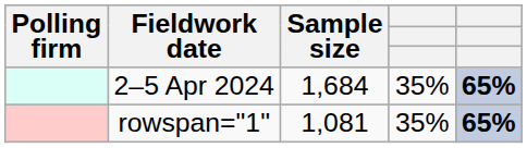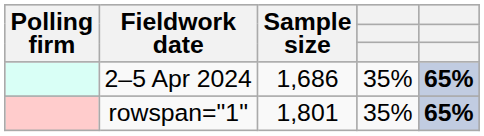 <table class="wikitable sortable" style="text-align:center;font-size:95%;line-height:14px;">
 <tr>
 <th rowspan="3">Polling<br>firm</th>
 <th rowspan="3">Fieldwork<br>date</th>
 <th rowspan="3">Sample<br>size</th>
 <th></th>
 <th></th>
 </tr>
 <tr>
 <th style="background:"></th>
 <th style="background:"></th>
 </tr>
 <tr>
 <th></th>
 <th></th>
 </tr>
 <tr>
 <td style="background:#d9fff6;"></td>
 <td>2–5 Apr 2024</td>
-<td>1,684</td>
+<td>1,686</td>
 <td>35%</td>
 <td style="background:#C1CCE1;"><strong>65%</strong></td>
 </tr>
 <tr>
 <td rowspan="1" style="background:#FFCCCC;"></td>
 <td>rowspan="1" </td>
-<td rowspan="1">1,081</td>
+<td rowspan="1">1,801</td>
 <td>35%</td>
 <td style="background:#C1CCE1;"><strong>65%</strong></td>
 </tr>
 </table>
